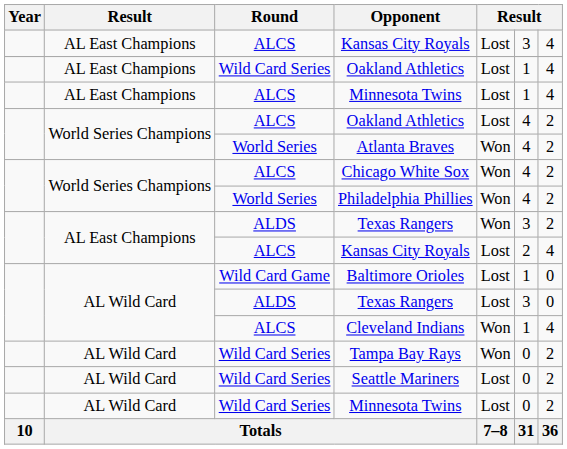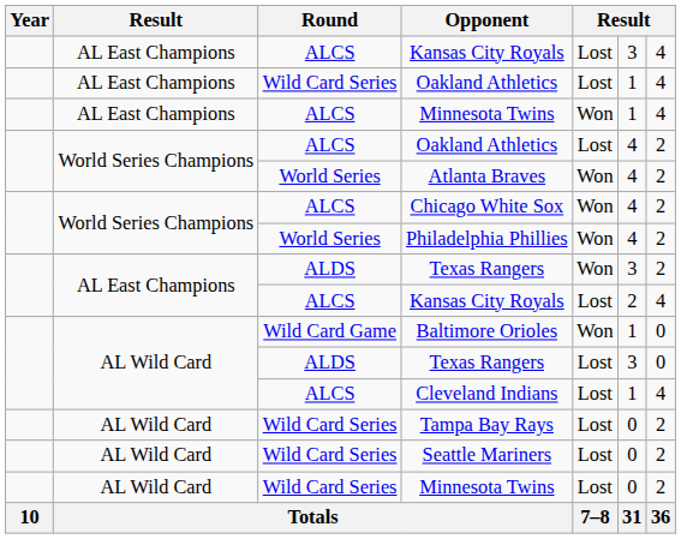 <table class="wikitable">
 <tr>
 <th colspan=1>Year</th>
 <th colspan=1>Result</th>
 <th colspan=1>Round</th>
 <th colspan=1>Opponent</th>
 <th colspan=3>Result</th>
 </tr>
 <tr>
 <td align="center" rowspan="1"></td>
 <td align="center" rowspan="1">AL East Champions</td>
 <td align="center"><a href='#'>ALCS</a></td>
 <td align="center"><a href='#'>Kansas City Royals</a></td>
 <td align="center">Lost</td>
 <td align="center">3</td>
 <td align="center">4</td>
 </tr>
 <tr>
 </tr>
 <tr>
 <td align="center" rowspan="1"></td>
 <td align="center" rowspan="1">AL East Champions</td>
 <td align="center"><a href='#'>Wild Card Series</a></td>
 <td align="center"><a href='#'>Oakland Athletics</a></td>
 <td align="center">Lost</td>
 <td align="center">1</td>
 <td align="center">4</td>
 </tr>
 <tr>
 <td align="center" rowspan="1"></td>
 <td align="center" rowspan="1">AL East Champions</td>
 <td align="center"><a href='#'>ALCS</a></td>
 <td align="center"><a href='#'>Minnesota Twins</a></td>
-<td align="center">Lost</td>
+<td align="center">Won</td>
 <td align="center">1</td>
 <td align="center">4</td>
 </tr>
 <tr>
 <td align="center" rowspan="2"></td>
 <td align="center" rowspan="2">World Series Champions</td>
 <td align="center"><a href='#'>ALCS</a></td>
 <td align="center"><a href='#'>Oakland Athletics</a></td>
 <td align="center">Lost</td>
 <td align="center">4</td>
 <td align="center">2</td>
 </tr>
 <tr>
 <td align="center"><a href='#'>World Series</a></td>
 <td align="center"><a href='#'>Atlanta Braves</a></td>
 <td align="center">Won</td>
 <td align="center">4</td>
 <td align="center">2</td>
 </tr>
 <tr>
 <td align="center" rowspan="2"></td>
 <td align="center" rowspan="2">World Series Champions</td>
 <td align="center"><a href='#'>ALCS</a></td>
 <td align="center"><a href='#'>Chicago White Sox</a></td>
 <td align="center">Won</td>
 <td align="center">4</td>
 <td align="center">2</td>
 </tr>
 <tr>
 <td align="center"><a href='#'>World Series</a></td>
 <td align="center"><a href='#'>Philadelphia Phillies</a></td>
 <td align="center">Won</td>
 <td align="center">4</td>
 <td align="center">2</td>
 </tr>
 <tr>
 <td align="center" rowspan="2"></td>
 <td align="center" rowspan="2">AL East Champions</td>
 <td align="center"><a href='#'>ALDS</a></td>
 <td align="center"><a href='#'>Texas Rangers</a></td>
 <td align="center">Won</td>
 <td align="center">3</td>
 <td align="center">2</td>
 </tr>
 <tr>
 <td align="center"><a href='#'>ALCS</a></td>
 <td align="center"><a href='#'>Kansas City Royals</a></td>
 <td align="center">Lost</td>
 <td align="center">2</td>
 <td align="center">4</td>
 </tr>
 <tr>
 <td align="center" rowspan="3"></td>
 <td align="center" rowspan="3">AL Wild Card</td>
 <td align="center"><a href='#'>Wild Card Game</a></td>
 <td align="center"><a href='#'>Baltimore Orioles</a></td>
-<td align="center">Lost</td>
+<td align="center">Won</td>
 <td align="center">1</td>
 <td align="center">0</td>
 </tr>
 <tr>
 <td align="center"><a href='#'>ALDS</a></td>
 <td align="center"><a href='#'>Texas Rangers</a></td>
 <td align="center">Lost</td>
 <td align="center">3</td>
 <td align="center">0</td>
 </tr>
 <tr>
 <td align="center"><a href='#'>ALCS</a></td>
 <td align="center"><a href='#'>Cleveland Indians</a></td>
-<td align="center">Won</td>
+<td align="center">Lost</td>
 <td align="center">1</td>
 <td align="center">4</td>
 </tr>
 <tr>
 <td align="center" rowspan="1"></td>
 <td align="center" rowspan="1">AL Wild Card</td>
 <td align="center"><a href='#'>Wild Card Series</a></td>
 <td align="center"><a href='#'>Tampa Bay Rays</a></td>
-<td align="center">Won</td>
+<td align="center">Lost</td>
 <td align="center">0</td>
 <td align="center">2</td>
 </tr>
 <tr>
 <td align="center" rowspan="1"></td>
 <td align="center" rowspan="1">AL Wild Card</td>
 <td align="center"><a href='#'>Wild Card Series</a></td>
 <td align="center"><a href='#'>Seattle Mariners</a></td>
 <td align="center">Lost</td>
 <td align="center">0</td>
 <td align="center">2</td>
 </tr>
 <tr>
 <td align="center" rowspan="1"></td>
 <td align="center" rowspan="1">AL Wild Card</td>
 <td align="center"><a href='#'>Wild Card Series</a></td>
 <td align="center"><a href='#'>Minnesota Twins</a></td>
 <td align="center">Lost</td>
 <td align="center">0</td>
 <td align="center">2</td>
 </tr>
 <tr>
 <th align="center">10</th>
 <th colspan="3">Totals</th>
 <th>7–8</th>
 <th>31</th>
 <th>36</th>
 </tr>
 </table>
